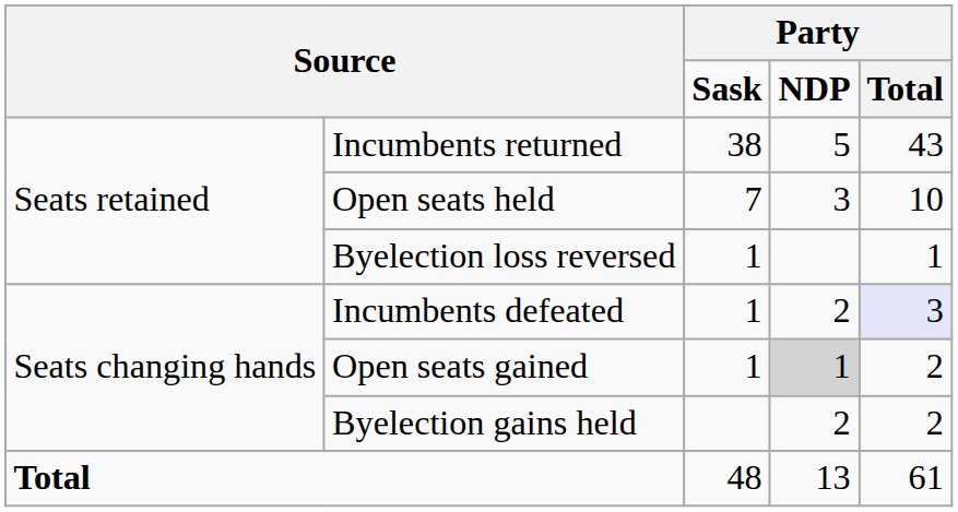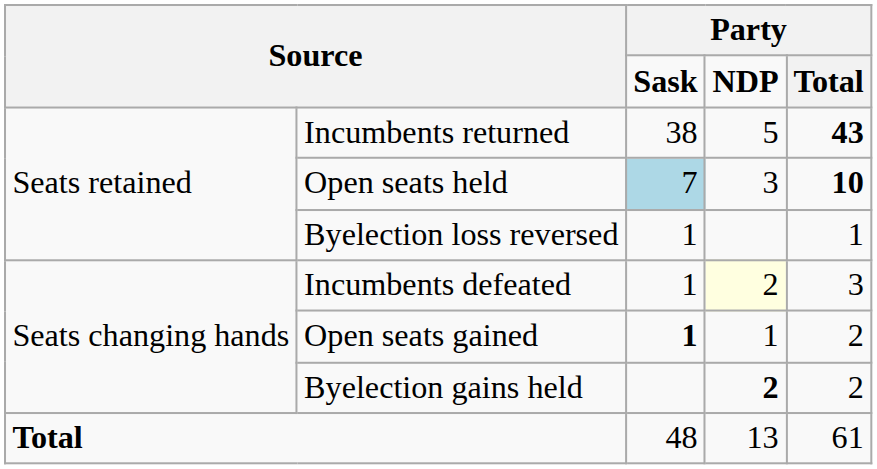 <table class="wikitable" style="text-align:right;">
 <tr>
 <th colspan="2" rowspan="2">Source</th>
 <th colspan="4">Party</th>
 </tr>
 <tr>
 <td><strong>Sask</strong></td>
 <td><strong>NDP</strong></td>
 <th>Total</th>
 </tr>
 <tr>
 <td rowspan="3" style="text-align:left;">Seats retained</td>
 <td style="text-align:left;">Incumbents returned</td>
 <td>38</td>
 <td>5</td>
-<td>43</td>
+<td><strong>43</strong></td>
 </tr>
 <tr>
 <td style="text-align:left;">Open seats held</td>
-<td>7</td>
+<td style="background: lightblue;">7</td>
 <td>3</td>
-<td>10</td>
+<td><strong>10</strong></td>
 </tr>
 <tr>
 <td style="text-align:left;">Byelection loss reversed</td>
 <td>1</td>
 <td></td>
 <td>1</td>
 </tr>
 <tr>
 <td rowspan="3" style="text-align:left;">Seats changing hands</td>
 <td style="text-align:left;">Incumbents defeated</td>
 <td>1</td>
-<td>2</td>
-<td style="background: lavender;">3</td>
+<td style="background: lightyellow;">2</td>
+<td>3</td>
 </tr>
 <tr>
 <td style="text-align:left;">Open seats gained</td>
+<td><strong>1</strong></td>
 <td>1</td>
-<td style="background: lightgrey;">1</td>
 <td>2</td>
 </tr>
 <tr>
 <td style="text-align:left;">Byelection gains held</td>
 <td></td>
-<td>2</td>
+<td><strong>2</strong></td>
 <td>2</td>
 </tr>
 <tr>
 <td colspan="2" style="text-align:left;"><strong>Total</strong></td>
 <td>48</td>
 <td>13</td>
 <td>61</td>
 </tr>
 </table>
